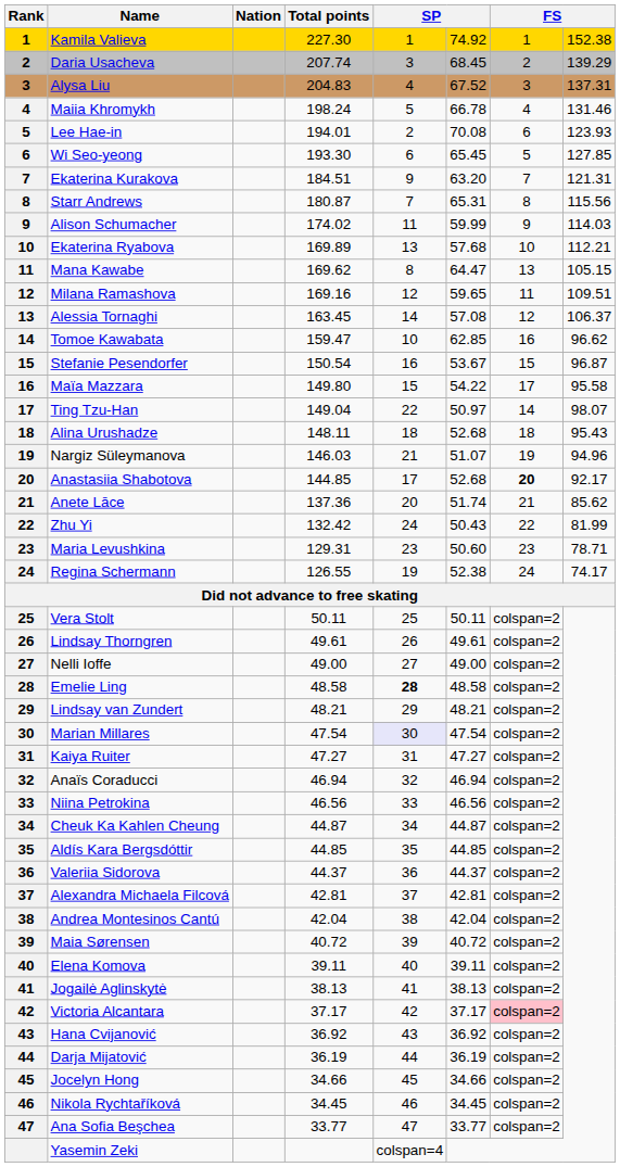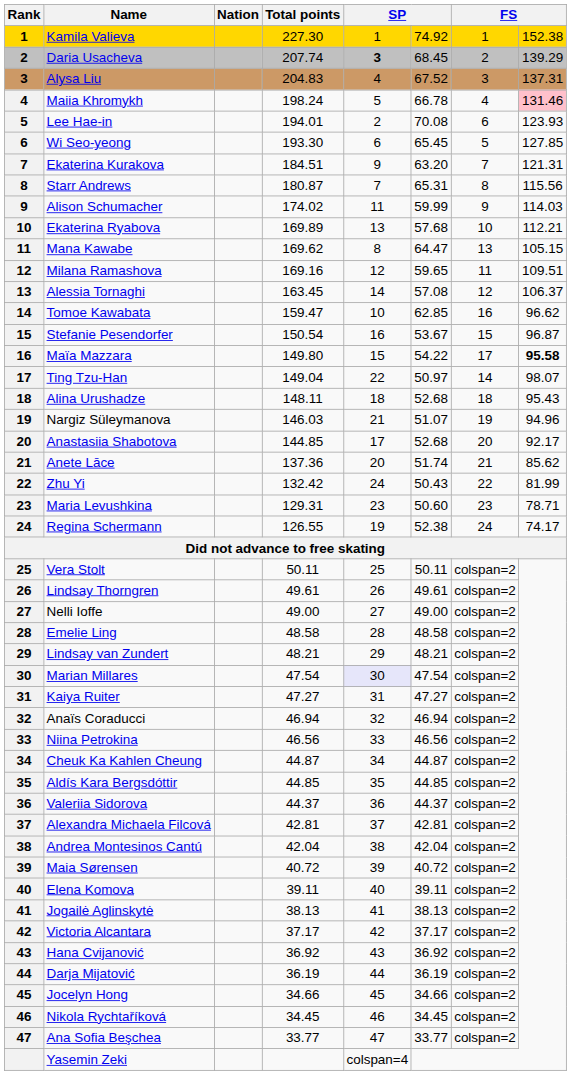 <table class="wikitable sortable">
 <tr>
 <th>Rank</th>
 <th>Name</th>
 <th>Nation</th>
 <th>Total points</th>
 <th colspan="2" width="80px"><a href='#'>SP</a></th>
 <th colspan="2" width="80px"><a href='#'>FS</a></th>
 </tr>
 <tr bgcolor="gold">
 <td align="center"><strong>1</strong></td>
 <td><a href='#'>Kamila Valieva</a></td>
 <td></td>
 <td align="center">227.30</td>
 <td align="center">1</td>
 <td align="center">74.92</td>
 <td align="center">1</td>
 <td align="center">152.38</td>
 </tr>
 <tr bgcolor="silver">
 <td align="center"><strong>2</strong></td>
 <td><a href='#'>Daria Usacheva</a></td>
 <td></td>
 <td align="center">207.74</td>
-<td align="center">3</td>
+<td align="center"><strong>3</strong></td>
 <td align="center">68.45</td>
 <td align="center">2</td>
 <td align="center">139.29</td>
 </tr>
 <tr bgcolor="cc9966">
 <td align="center"><strong>3</strong></td>
 <td><a href='#'>Alysa Liu</a></td>
 <td></td>
 <td align="center">204.83</td>
 <td align="center">4</td>
 <td align="center">67.52</td>
 <td align="center">3</td>
 <td align="center">137.31</td>
 </tr>
 <tr>
 <th>4</th>
 <td><a href='#'>Maiia Khromykh</a></td>
 <td></td>
 <td align="center">198.24</td>
 <td align="center">5</td>
 <td align="center">66.78</td>
 <td align="center">4</td>
-<td align="center">131.46</td>
+<td align="center" style="background: pink;">131.46</td>
 </tr>
 <tr>
 <th>5</th>
 <td><a href='#'>Lee Hae-in</a></td>
 <td></td>
 <td align="center">194.01</td>
 <td align="center">2</td>
 <td align="center">70.08</td>
 <td align="center">6</td>
 <td align="center">123.93</td>
 </tr>
 <tr>
 <th>6</th>
 <td><a href='#'>Wi Seo-yeong</a></td>
 <td></td>
 <td align="center">193.30</td>
 <td align="center">6</td>
 <td align="center">65.45</td>
 <td align="center">5</td>
 <td align="center">127.85</td>
 </tr>
 <tr>
 <th>7</th>
 <td><a href='#'>Ekaterina Kurakova</a></td>
 <td></td>
 <td align="center">184.51</td>
 <td align="center">9</td>
 <td align="center">63.20</td>
 <td align="center">7</td>
 <td align="center">121.31</td>
 </tr>
 <tr>
 <th>8</th>
 <td><a href='#'>Starr Andrews</a></td>
 <td></td>
 <td align="center">180.87</td>
 <td align="center">7</td>
 <td align="center">65.31</td>
 <td align="center">8</td>
 <td align="center">115.56</td>
 </tr>
 <tr>
 <th>9</th>
 <td><a href='#'>Alison Schumacher</a></td>
 <td></td>
 <td align="center">174.02</td>
 <td align="center">11</td>
 <td align="center">59.99</td>
 <td align="center">9</td>
 <td align="center">114.03</td>
 </tr>
 <tr>
 <th>10</th>
 <td><a href='#'>Ekaterina Ryabova</a></td>
 <td></td>
 <td align="center">169.89</td>
 <td align="center">13</td>
 <td align="center">57.68</td>
 <td align="center">10</td>
 <td align="center">112.21</td>
 </tr>
 <tr>
 <th>11</th>
 <td><a href='#'>Mana Kawabe</a></td>
 <td></td>
 <td align="center">169.62</td>
 <td align="center">8</td>
 <td align="center">64.47</td>
 <td align="center">13</td>
 <td align="center">105.15</td>
 </tr>
 <tr>
 <th>12</th>
 <td><a href='#'>Milana Ramashova</a></td>
 <td></td>
 <td align="center">169.16</td>
 <td align="center">12</td>
 <td align="center">59.65</td>
 <td align="center">11</td>
 <td align="center">109.51</td>
 </tr>
 <tr>
 <th>13</th>
 <td><a href='#'>Alessia Tornaghi</a></td>
 <td></td>
 <td align="center">163.45</td>
 <td align="center">14</td>
 <td align="center">57.08</td>
 <td align="center">12</td>
 <td align="center">106.37</td>
 </tr>
 <tr>
 <th>14</th>
 <td><a href='#'>Tomoe Kawabata</a></td>
 <td></td>
 <td align="center">159.47</td>
 <td align="center">10</td>
 <td align="center">62.85</td>
 <td align="center">16</td>
 <td align="center">96.62</td>
 </tr>
 <tr>
 <th>15</th>
 <td><a href='#'>Stefanie Pesendorfer</a></td>
 <td></td>
 <td align="center">150.54</td>
 <td align="center">16</td>
 <td align="center">53.67</td>
 <td align="center">15</td>
 <td align="center">96.87</td>
 </tr>
 <tr>
 <th>16</th>
 <td><a href='#'>Maïa Mazzara</a></td>
 <td></td>
 <td align="center">149.80</td>
 <td align="center">15</td>
 <td align="center">54.22</td>
 <td align="center">17</td>
-<td align="center">95.58</td>
+<td align="center"><strong>95.58</strong></td>
 </tr>
 <tr>
 <th>17</th>
 <td><a href='#'>Ting Tzu-Han</a></td>
 <td></td>
 <td align="center">149.04</td>
 <td align="center">22</td>
 <td align="center">50.97</td>
 <td align="center">14</td>
 <td align="center">98.07</td>
 </tr>
 <tr>
 <th>18</th>
 <td><a href='#'>Alina Urushadze</a></td>
 <td></td>
 <td align="center">148.11</td>
 <td align="center">18</td>
 <td align="center">52.68</td>
 <td align="center">18</td>
 <td align="center">95.43</td>
 </tr>
 <tr>
 <th>19</th>
 <td>Nargiz Süleymanova</td>
 <td></td>
 <td align="center">146.03</td>
 <td align="center">21</td>
 <td align="center">51.07</td>
 <td align="center">19</td>
 <td align="center">94.96</td>
 </tr>
 <tr>
 <th>20</th>
 <td><a href='#'>Anastasiia Shabotova</a></td>
 <td></td>
 <td align="center">144.85</td>
 <td align="center">17</td>
 <td align="center">52.68</td>
-<td align="center"><strong>20</strong></td>
+<td align="center">20</td>
 <td align="center">92.17</td>
 </tr>
 <tr>
 <th>21</th>
 <td><a href='#'>Anete Lāce</a></td>
 <td></td>
 <td align="center">137.36</td>
 <td align="center">20</td>
 <td align="center">51.74</td>
 <td align="center">21</td>
 <td align="center">85.62</td>
 </tr>
 <tr>
 <th>22</th>
 <td><a href='#'>Zhu Yi</a></td>
 <td></td>
 <td align="center">132.42</td>
 <td align="center">24</td>
 <td align="center">50.43</td>
 <td align="center">22</td>
 <td align="center">81.99</td>
 </tr>
 <tr>
 <th>23</th>
 <td><a href='#'>Maria Levushkina</a></td>
 <td></td>
 <td align="center">129.31</td>
 <td align="center">23</td>
 <td align="center">50.60</td>
 <td align="center">23</td>
 <td align="center">78.71</td>
 </tr>
 <tr>
 <th>24</th>
 <td><a href='#'>Regina Schermann</a></td>
 <td></td>
 <td align="center">126.55</td>
 <td align="center">19</td>
 <td align="center">52.38</td>
 <td align="center">24</td>
 <td align="center">74.17</td>
 </tr>
 <tr>
 <th colspan=8>Did not advance to free skating</th>
 </tr>
 <tr>
 <th>25</th>
 <td><a href='#'>Vera Stolt</a></td>
 <td></td>
 <td align="center">50.11</td>
 <td align="center">25</td>
 <td align="center">50.11</td>
 <td>colspan=2 </td>
 </tr>
 <tr>
 <th>26</th>
 <td><a href='#'>Lindsay Thorngren</a></td>
 <td></td>
 <td align="center">49.61</td>
 <td align="center">26</td>
 <td align="center">49.61</td>
 <td>colspan=2 </td>
 </tr>
 <tr>
 <th>27</th>
 <td>Nelli Ioffe</td>
 <td></td>
 <td align="center">49.00</td>
 <td align="center">27</td>
 <td align="center">49.00</td>
 <td>colspan=2 </td>
 </tr>
 <tr>
 <th>28</th>
 <td><a href='#'>Emelie Ling</a></td>
 <td></td>
 <td align="center">48.58</td>
-<td align="center"><strong>28</strong></td>
+<td align="center">28</td>
 <td align="center">48.58</td>
 <td>colspan=2 </td>
 </tr>
 <tr>
 <th>29</th>
 <td><a href='#'>Lindsay van Zundert</a></td>
 <td></td>
 <td align="center">48.21</td>
 <td align="center">29</td>
 <td align="center">48.21</td>
 <td>colspan=2 </td>
 </tr>
 <tr>
 <th>30</th>
 <td><a href='#'>Marian Millares</a></td>
 <td></td>
 <td align="center">47.54</td>
 <td align="center" style="background: lavender;">30</td>
 <td align="center">47.54</td>
 <td>colspan=2 </td>
 </tr>
 <tr>
 <th>31</th>
 <td><a href='#'>Kaiya Ruiter</a></td>
 <td></td>
 <td align="center">47.27</td>
 <td align="center">31</td>
 <td align="center">47.27</td>
 <td>colspan=2 </td>
 </tr>
 <tr>
 <th>32</th>
 <td>Anaïs Coraducci</td>
 <td></td>
 <td align="center">46.94</td>
 <td align="center">32</td>
 <td align="center">46.94</td>
 <td>colspan=2 </td>
 </tr>
 <tr>
 <th>33</th>
 <td><a href='#'>Niina Petrokina</a></td>
 <td></td>
 <td align="center">46.56</td>
 <td align="center">33</td>
 <td align="center">46.56</td>
 <td>colspan=2 </td>
 </tr>
 <tr>
 <th>34</th>
 <td><a href='#'>Cheuk Ka Kahlen Cheung</a></td>
 <td></td>
 <td align="center">44.87</td>
 <td align="center">34</td>
 <td align="center">44.87</td>
 <td>colspan=2 </td>
 </tr>
 <tr>
 <th>35</th>
 <td><a href='#'>Aldís Kara Bergsdóttir</a></td>
 <td></td>
 <td align="center">44.85</td>
 <td align="center">35</td>
 <td align="center">44.85</td>
 <td>colspan=2 </td>
 </tr>
 <tr>
 <th>36</th>
 <td><a href='#'>Valeriia Sidorova</a></td>
 <td></td>
 <td align="center">44.37</td>
 <td align="center">36</td>
 <td align="center">44.37</td>
 <td>colspan=2 </td>
 </tr>
 <tr>
 <th>37</th>
 <td><a href='#'>Alexandra Michaela Filcová</a></td>
 <td></td>
 <td align="center">42.81</td>
 <td align="center">37</td>
 <td align="center">42.81</td>
 <td>colspan=2 </td>
 </tr>
 <tr>
 <th>38</th>
 <td><a href='#'>Andrea Montesinos Cantú</a></td>
 <td></td>
 <td align="center">42.04</td>
 <td align="center">38</td>
 <td align="center">42.04</td>
 <td>colspan=2 </td>
 </tr>
 <tr>
 <th>39</th>
 <td><a href='#'>Maia Sørensen</a></td>
 <td></td>
 <td align="center">40.72</td>
 <td align="center">39</td>
 <td align="center">40.72</td>
 <td>colspan=2 </td>
 </tr>
 <tr>
 <th>40</th>
 <td><a href='#'>Elena Komova</a></td>
 <td></td>
 <td align="center">39.11</td>
 <td align="center">40</td>
 <td align="center">39.11</td>
 <td>colspan=2 </td>
 </tr>
 <tr>
 <th>41</th>
 <td><a href='#'>Jogailė Aglinskytė</a></td>
 <td></td>
 <td align="center">38.13</td>
 <td align="center">41</td>
 <td align="center">38.13</td>
 <td>colspan=2 </td>
 </tr>
 <tr>
 <th>42</th>
 <td><a href='#'>Victoria Alcantara</a></td>
 <td></td>
 <td align="center">37.17</td>
 <td align="center">42</td>
 <td align="center">37.17</td>
-<td style="background: pink;">colspan=2 </td>
+<td>colspan=2 </td>
 </tr>
 <tr>
 <th>43</th>
 <td><a href='#'>Hana Cvijanović</a></td>
 <td></td>
 <td align="center">36.92</td>
 <td align="center">43</td>
 <td align="center">36.92</td>
 <td>colspan=2 </td>
 </tr>
 <tr>
 <th>44</th>
 <td><a href='#'>Darja Mijatović</a></td>
 <td></td>
 <td align="center">36.19</td>
 <td align="center">44</td>
 <td align="center">36.19</td>
 <td>colspan=2 </td>
 </tr>
 <tr>
 <th>45</th>
 <td><a href='#'>Jocelyn Hong</a></td>
 <td></td>
 <td align="center">34.66</td>
 <td align="center">45</td>
 <td align="center">34.66</td>
 <td>colspan=2 </td>
 </tr>
 <tr>
 <th>46</th>
 <td><a href='#'>Nikola Rychtaříková</a></td>
 <td></td>
 <td align="center">34.45</td>
 <td align="center">46</td>
 <td align="center">34.45</td>
 <td>colspan=2 </td>
 </tr>
 <tr>
 <th>47</th>
 <td><a href='#'>Ana Sofia Beşchea</a></td>
 <td></td>
 <td align="center">33.77</td>
 <td align="center">47</td>
 <td align="center">33.77</td>
 <td>colspan=2 </td>
 </tr>
 <tr>
 <th></th>
 <td><a href='#'>Yasemin Zeki</a></td>
 <td></td>
 <td></td>
 <td>colspan=4 </td>
 </tr>
 </table>
